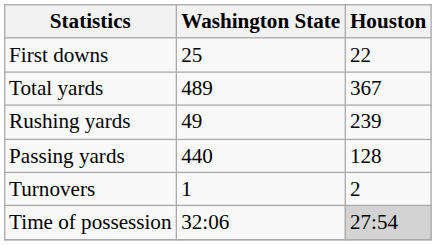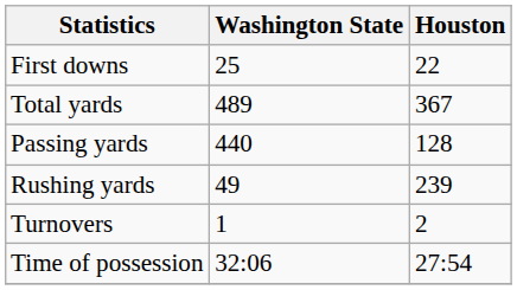 <table class="wikitable" style="float: right;">
 <tr>
 <th>Statistics</th>
 <th>Washington State</th>
 <th>Houston</th>
 </tr>
 <tr>
 <td>First downs</td>
 <td>25</td>
 <td>22</td>
 </tr>
 <tr>
 <td>Total yards</td>
 <td>489</td>
 <td>367</td>
 </tr>
 <tr>
+<td>Passing yards</td>
+<td>440</td>
+<td>128</td>
+</tr>
+<tr>
 <td>Rushing yards</td>
 <td>49</td>
 <td>239</td>
-</tr>
-<tr>
-<td>Passing yards</td>
-<td>440</td>
-<td>128</td>
 </tr>
 <tr>
 <td>Turnovers</td>
 <td>1</td>
 <td>2</td>
 </tr>
 <tr>
 <td>Time of possession</td>
 <td>32:06</td>
-<td style="background: lightgrey;">27:54</td>
+<td>27:54</td>
 </tr>
 <tr>
 </tr>
 </table>
